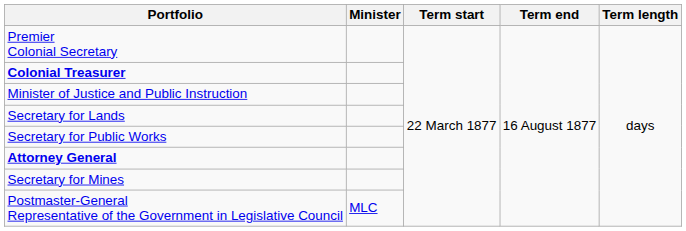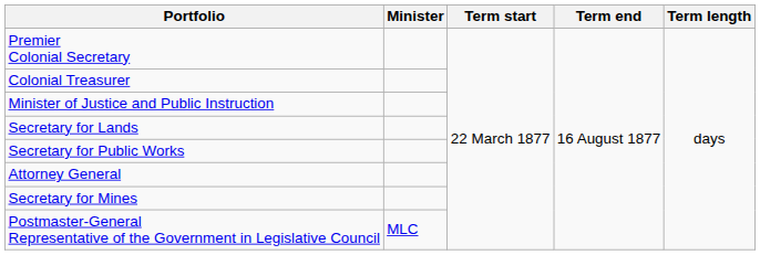 <table class="wikitable sortable">
 <tr>
 <th>Portfolio</th>
 <th>Minister</th>
 <th>Term start</th>
 <th>Term end</th>
 <th>Term length</th>
 </tr>
 <tr>
 <td><a href='#'>Premier</a><br><a href='#'>Colonial Secretary</a></td>
 <td></td>
 <td rowspan="8" align="center">22 March 1877</td>
 <td rowspan="8" align="center">16 August 1877</td>
 <td rowspan="8" align="center"> days</td>
 </tr>
 <tr>
-<td><strong><a href='#'>Colonial Treasurer</a></strong></td>
+<td><a href='#'>Colonial Treasurer</a></td>
 <td></td>
 </tr>
 <tr>
 <td><a href='#'>Minister of Justice and Public Instruction</a></td>
 <td></td>
 </tr>
 <tr>
 <td><a href='#'>Secretary for Lands</a></td>
 <td></td>
 </tr>
 <tr>
 <td><a href='#'>Secretary for Public Works</a></td>
 <td></td>
 </tr>
 <tr>
-<td><strong><a href='#'>Attorney General</a></strong></td>
+<td><a href='#'>Attorney General</a></td>
 <td></td>
 </tr>
 <tr>
 <td><a href='#'>Secretary for Mines</a></td>
 <td></td>
 </tr>
 <tr>
 <td><a href='#'>Postmaster-General</a><br><a href='#'>Representative of the Government in Legislative Council</a></td>
 <td> <a href='#'>MLC</a></td>
 </tr>
 </table>
